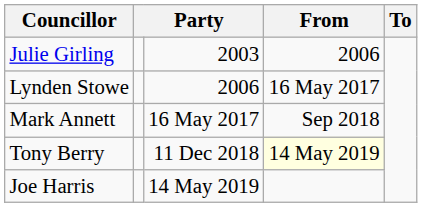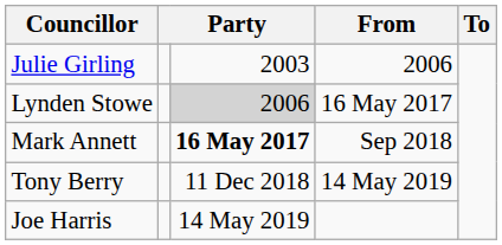 <table class=wikitable>
 <tr>
 <th>Councillor</th>
 <th colspan=2>Party</th>
 <th>From</th>
 <th>To</th>
 </tr>
 <tr>
 <td><a href='#'>Julie Girling</a></td>
 <td></td>
 <td align=right>2003</td>
 <td align=right>2006</td>
 </tr>
 <tr>
 <td>Lynden Stowe</td>
 <td></td>
-<td align=right>2006</td>
+<td align=right style="background: lightgrey;">2006</td>
 <td align=right>16 May 2017</td>
 </tr>
 <tr>
 <td>Mark Annett</td>
 <td></td>
-<td align=right>16 May 2017</td>
+<td align=right><strong>16 May 2017</strong></td>
 <td align=right>Sep 2018</td>
 </tr>
 <tr>
 <td>Tony Berry</td>
 <td></td>
 <td align=right>11 Dec 2018</td>
-<td align=right style="background: lightyellow;">14 May 2019</td>
+<td align=right>14 May 2019</td>
 </tr>
 <tr>
 <td>Joe Harris</td>
 <td></td>
 <td align=right>14 May 2019</td>
 <td></td>
 </tr>
 </table>
